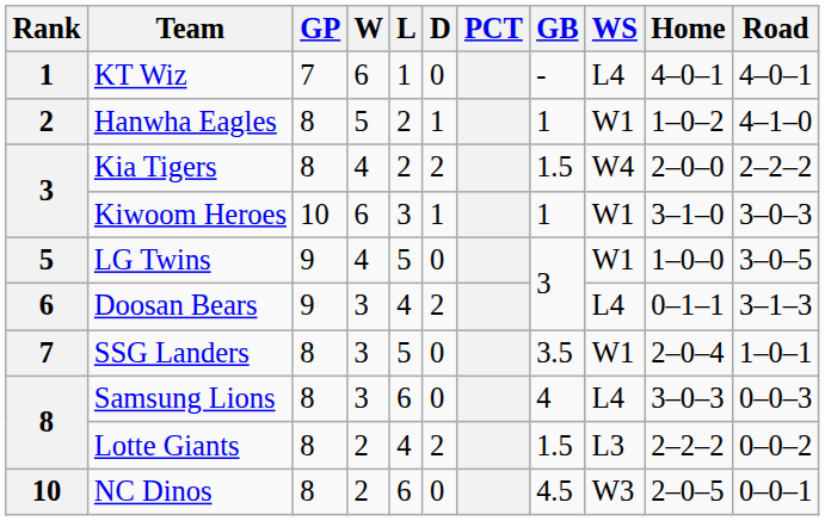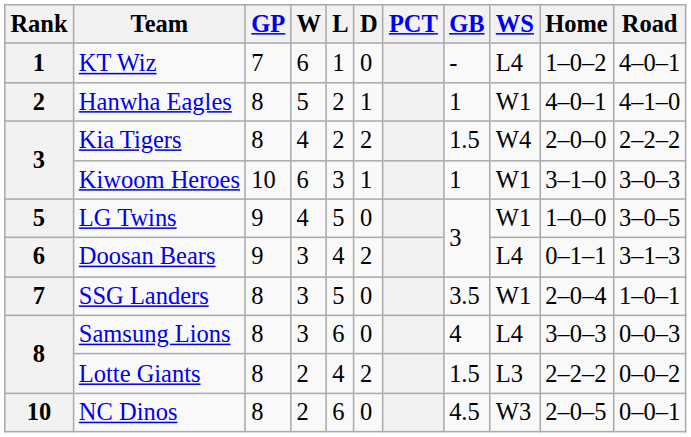 <table class="wikitable sortable">
 <tr>
 <th>Rank</th>
 <th>Team</th>
 <th><a href='#'>GP</a></th>
 <th>W</th>
 <th>L</th>
 <th>D</th>
 <th><a href='#'>PCT</a></th>
 <th><a href='#'>GB</a></th>
 <th><a href='#'>WS</a></th>
 <th>Home</th>
 <th>Road</th>
 </tr>
 <tr>
 <th>1</th>
 <td><a href='#'>KT Wiz</a></td>
 <td>7</td>
 <td>6</td>
 <td>1</td>
 <td>0</td>
 <th></th>
 <td>-</td>
 <td>L4</td>
-<td>4–0–1</td>
+<td>1–0–2</td>
 <td>4–0–1</td>
 </tr>
 <tr>
 <th>2</th>
 <td><a href='#'>Hanwha Eagles</a></td>
 <td>8</td>
 <td>5</td>
 <td>2</td>
 <td>1</td>
 <th></th>
 <td>1</td>
 <td>W1</td>
-<td>1–0–2</td>
+<td>4–0–1</td>
 <td>4–1–0</td>
 </tr>
 <tr>
 <th rowspan="2">3</th>
 <td><a href='#'>Kia Tigers</a></td>
 <td>8</td>
 <td>4</td>
 <td>2</td>
 <td>2</td>
 <th></th>
 <td>1.5</td>
 <td>W4</td>
 <td>2–0–0</td>
 <td>2–2–2</td>
 </tr>
 <tr>
 <td><a href='#'>Kiwoom Heroes</a></td>
 <td>10</td>
 <td>6</td>
 <td>3</td>
 <td>1</td>
 <th></th>
 <td>1</td>
 <td>W1</td>
 <td>3–1–0</td>
 <td>3–0–3</td>
 </tr>
 <tr>
 <th>5</th>
 <td><a href='#'>LG Twins</a></td>
 <td>9</td>
 <td>4</td>
 <td>5</td>
 <td>0</td>
 <th></th>
 <td rowspan="2 ">3</td>
 <td>W1</td>
 <td>1–0–0</td>
 <td>3–0–5</td>
 </tr>
 <tr>
 <th>6</th>
 <td><a href='#'>Doosan Bears</a></td>
 <td>9</td>
 <td>3</td>
 <td>4</td>
 <td>2</td>
 <th></th>
 <td>L4</td>
 <td>0–1–1</td>
 <td>3–1–3</td>
 </tr>
 <tr>
 <th>7</th>
 <td><a href='#'>SSG Landers</a></td>
 <td>8</td>
 <td>3</td>
 <td>5</td>
 <td>0</td>
 <th></th>
 <td>3.5</td>
 <td>W1</td>
 <td>2–0–4</td>
 <td>1–0–1</td>
 </tr>
 <tr>
 <th rowspan="2">8</th>
 <td><a href='#'>Samsung Lions</a></td>
 <td>8</td>
 <td>3</td>
 <td>6</td>
 <td>0</td>
 <th></th>
 <td>4</td>
 <td>L4</td>
 <td>3–0–3</td>
 <td>0–0–3</td>
 </tr>
 <tr>
 <td><a href='#'>Lotte Giants</a></td>
 <td>8</td>
 <td>2</td>
 <td>4</td>
 <td>2</td>
 <th></th>
 <td>1.5</td>
 <td>L3</td>
 <td>2–2–2</td>
 <td>0–0–2</td>
 </tr>
 <tr>
 <th>10</th>
 <td><a href='#'>NC Dinos</a></td>
 <td>8</td>
 <td>2</td>
 <td>6</td>
 <td>0</td>
 <th></th>
 <td>4.5</td>
 <td>W3</td>
 <td>2–0–5</td>
 <td>0–0–1</td>
 </tr>
 </table>
